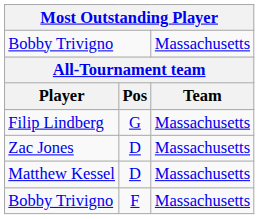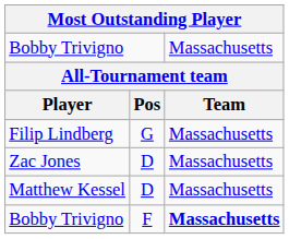 <table class="wikitable">
 <tr>
 <th colspan=3><a href='#'>Most Outstanding Player</a></th>
 </tr>
 <tr>
 <td colspan=2><a href='#'>Bobby Trivigno</a></td>
 <td><a href='#'>Massachusetts</a></td>
 </tr>
 <tr>
 <th colspan=3><a href='#'>All-Tournament team</a></th>
 </tr>
 <tr>
 <th>Player</th>
 <th>Pos</th>
 <th>Team</th>
 </tr>
 <tr>
 <td><a href='#'>Filip Lindberg</a></td>
 <td style="text-align:center;"><a href='#'>G</a></td>
 <td><a href='#'>Massachusetts</a></td>
 </tr>
 <tr>
 <td><a href='#'>Zac Jones</a></td>
 <td style="text-align:center;"><a href='#'>D</a></td>
 <td><a href='#'>Massachusetts</a></td>
 </tr>
 <tr>
 <td><a href='#'>Matthew Kessel</a></td>
 <td style="text-align:center;"><a href='#'>D</a></td>
 <td><a href='#'>Massachusetts</a></td>
 </tr>
 <tr>
 <td><a href='#'>Bobby Trivigno</a></td>
 <td style="text-align:center;"><a href='#'>F</a></td>
-<td><a href='#'>Massachusetts</a></td>
+<td><strong><a href='#'>Massachusetts</a></strong></td>
 </tr>
 </table>
